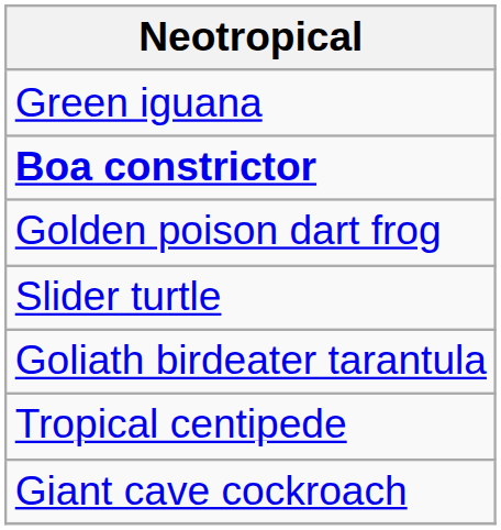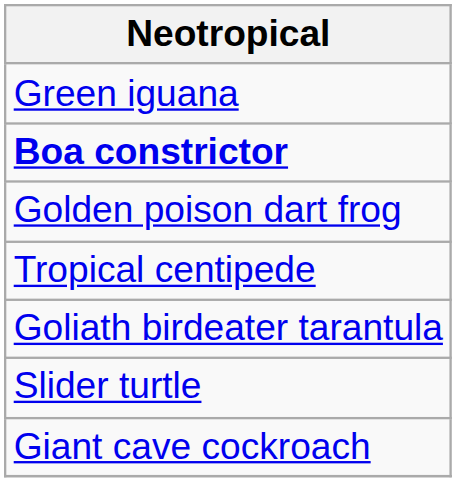 <table class="wikitable">
 <tr>
 <th>Neotropical</th>
 </tr>
 <tr>
 <td><a href='#'>Green iguana</a></td>
 </tr>
 <tr>
 <td><strong><a href='#'>Boa constrictor</a></strong></td>
 </tr>
 <tr>
 <td><a href='#'>Golden poison dart frog</a></td>
 </tr>
 <tr>
-<td><a href='#'>Slider turtle</a></td>
+<td><a href='#'>Tropical centipede</a></td>
 </tr>
 <tr>
 <td><a href='#'>Goliath birdeater tarantula</a></td>
 </tr>
 <tr>
-<td><a href='#'>Tropical centipede</a></td>
+<td><a href='#'>Slider turtle</a></td>
 </tr>
 <tr>
 <td><a href='#'>Giant cave cockroach</a></td>
 </tr>
 <tr>
 </tr>
 </table>
